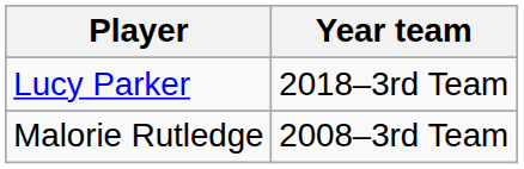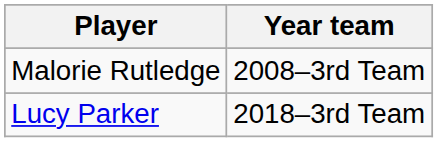 <table class="wikitable">
 <tr>
 <th width=px>Player</th>
 <th width=px>Year team</th>
 </tr>
 <tr>
+<td>Malorie Rutledge</td>
+<td>2008–3rd Team</td>
+</tr>
+<tr>
 <td><a href='#'>Lucy Parker</a></td>
 <td>2018–3rd Team</td>
 </tr>
-<tr>
-<td>Malorie Rutledge</td>
-<td>2008–3rd Team</td>
-</tr>
 </table>
